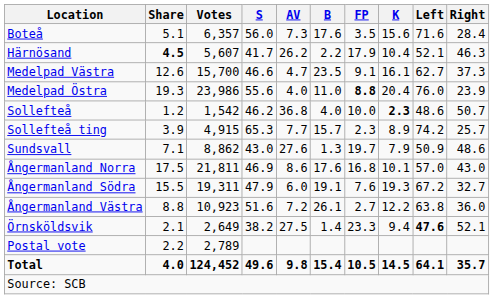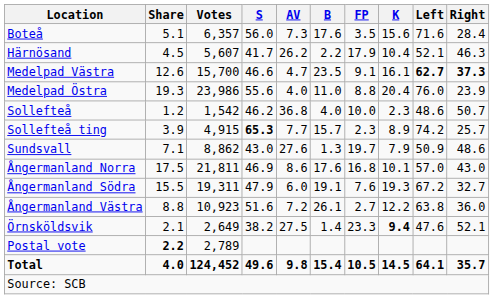 <table class="wikitable sortable" style=text-align:right>
 <tr>
 <th>Location</th>
 <th>Share</th>
 <th>Votes</th>
 <th><a href='#'>S</a></th>
 <th><a href='#'>AV</a></th>
 <th><a href='#'>B</a></th>
 <th><a href='#'>FP</a></th>
 <th><a href='#'>K</a></th>
 <th>Left</th>
 <th>Right</th>
 </tr>
 <tr>
 <td align=left><a href='#'>Boteå</a></td>
 <td>5.1</td>
 <td>6,357</td>
 <td>56.0</td>
 <td>7.3</td>
 <td>17.6</td>
 <td>3.5</td>
 <td>15.6</td>
 <td>71.6</td>
 <td>28.4</td>
 </tr>
 <tr>
 <td align=left><a href='#'>Härnösand</a></td>
-<td><strong>4.5</strong></td>
+<td>4.5</td>
 <td>5,607</td>
 <td>41.7</td>
 <td>26.2</td>
 <td>2.2</td>
 <td>17.9</td>
 <td>10.4</td>
 <td>52.1</td>
 <td>46.3</td>
 </tr>
 <tr>
 <td align=left><a href='#'>Medelpad Västra</a></td>
 <td>12.6</td>
 <td>15,700</td>
 <td>46.6</td>
 <td>4.7</td>
 <td>23.5</td>
 <td>9.1</td>
 <td>16.1</td>
-<td>62.7</td>
-<td>37.3</td>
+<td><strong>62.7</strong></td>
+<td><strong>37.3</strong></td>
 </tr>
 <tr>
 <td align=left><a href='#'>Medelpad Östra</a></td>
 <td>19.3</td>
 <td>23,986</td>
 <td>55.6</td>
 <td>4.0</td>
 <td>11.0</td>
-<td><strong>8.8</strong></td>
+<td>8.8</td>
 <td>20.4</td>
 <td>76.0</td>
 <td>23.9</td>
 </tr>
 <tr>
 <td align=left><a href='#'>Sollefteå</a></td>
 <td>1.2</td>
 <td>1,542</td>
 <td>46.2</td>
 <td>36.8</td>
 <td>4.0</td>
 <td>10.0</td>
-<td><strong>2.3</strong></td>
+<td>2.3</td>
 <td>48.6</td>
 <td>50.7</td>
 </tr>
 <tr>
 <td align=left><a href='#'>Sollefteå ting</a></td>
 <td>3.9</td>
 <td>4,915</td>
-<td>65.3</td>
+<td><strong>65.3</strong></td>
 <td>7.7</td>
 <td>15.7</td>
 <td>2.3</td>
 <td>8.9</td>
 <td>74.2</td>
 <td>25.7</td>
 </tr>
 <tr>
 <td align=left><a href='#'>Sundsvall</a></td>
 <td>7.1</td>
 <td>8,862</td>
 <td>43.0</td>
 <td>27.6</td>
 <td>1.3</td>
 <td>19.7</td>
 <td>7.9</td>
 <td>50.9</td>
 <td>48.6</td>
 </tr>
 <tr>
 <td align=left><a href='#'>Ångermanland Norra</a></td>
 <td>17.5</td>
 <td>21,811</td>
 <td>46.9</td>
 <td>8.6</td>
 <td>17.6</td>
 <td>16.8</td>
 <td>10.1</td>
 <td>57.0</td>
 <td>43.0</td>
 </tr>
 <tr>
 <td align=left><a href='#'>Ångermanland Södra</a></td>
 <td>15.5</td>
 <td>19,311</td>
 <td>47.9</td>
 <td>6.0</td>
 <td>19.1</td>
 <td>7.6</td>
 <td>19.3</td>
 <td>67.2</td>
 <td>32.7</td>
 </tr>
 <tr>
 <td align=left><a href='#'>Ångermanland Västra</a></td>
 <td>8.8</td>
 <td>10,923</td>
 <td>51.6</td>
 <td>7.2</td>
 <td>26.1</td>
 <td>2.7</td>
 <td>12.2</td>
 <td>63.8</td>
 <td>36.0</td>
 </tr>
 <tr>
 <td align=left><a href='#'>Örnsköldsvik</a></td>
 <td>2.1</td>
 <td>2,649</td>
 <td>38.2</td>
 <td>27.5</td>
 <td>1.4</td>
 <td>23.3</td>
-<td>9.4</td>
-<td><strong>47.6</strong></td>
+<td><strong>9.4</strong></td>
+<td>47.6</td>
 <td>52.1</td>
 </tr>
 <tr>
 <td align=left><a href='#'>Postal vote</a></td>
-<td>2.2</td>
+<td><strong>2.2</strong></td>
 <td>2,789</td>
 <td></td>
 <td></td>
 <td></td>
 <td></td>
 <td></td>
 <td></td>
 <td></td>
 </tr>
 <tr>
 <td align=left><strong>Total</strong></td>
 <td><strong>4.0</strong></td>
 <td><strong>124,452</strong></td>
 <td><strong>49.6</strong></td>
 <td><strong>9.8</strong></td>
 <td><strong>15.4</strong></td>
 <td><strong>10.5</strong></td>
 <td><strong>14.5</strong></td>
 <td><strong>64.1</strong></td>
 <td><strong>35.7</strong></td>
 </tr>
 <tr>
 <td align=left colspan=10>Source: SCB </td>
 </tr>
 </table>
